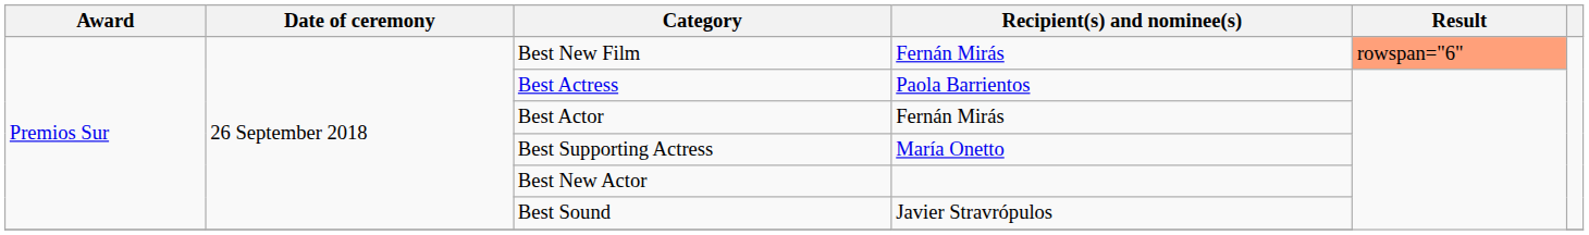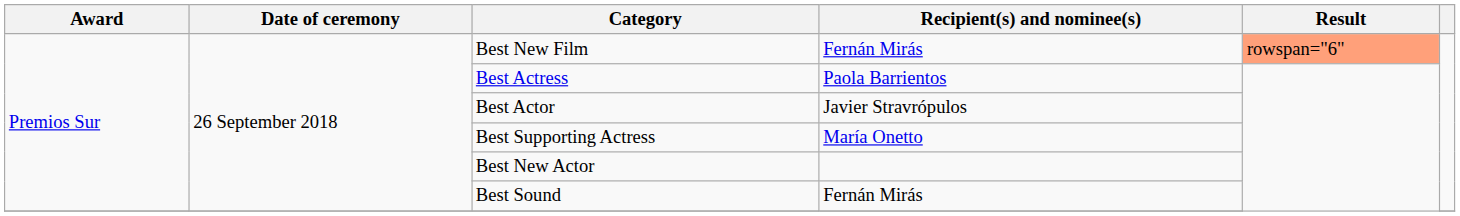 <table class="wikitable plainrowheaders sortable" style="width:99%;">
 <tr style="background:#ccc; text-align:center;">
 <th scope="col">Award</th>
 <th scope="col">Date of ceremony</th>
 <th scope="col">Category</th>
 <th scope="col">Recipient(s) and nominee(s)</th>
 <th scope="col">Result</th>
 <th scope="col" class="unsortable"></th>
 </tr>
 <tr>
 <td rowspan="6"><a href='#'>Premios Sur</a></td>
 <td rowspan="6">26 September 2018</td>
 <td>Best New Film</td>
 <td><a href='#'>Fernán Mirás</a></td>
 <td style="background: lightsalmon;">rowspan="6" </td>
 <td rowspan="6"></td>
 </tr>
 <tr>
 <td><a href='#'>Best Actress</a></td>
 <td><a href='#'>Paola Barrientos</a></td>
 </tr>
 <tr>
 <td>Best Actor</td>
-<td>Fernán Mirás</td>
+<td>Javier Stravrópulos</td>
 </tr>
 <tr>
 <td>Best Supporting Actress</td>
 <td><a href='#'>María Onetto</a></td>
 </tr>
 <tr>
 <td>Best New Actor</td>
 <td></td>
 </tr>
 <tr>
 <td>Best Sound</td>
-<td>Javier Stravrópulos</td>
+<td>Fernán Mirás</td>
 </tr>
 <tr>
 </tr>
 </table>
